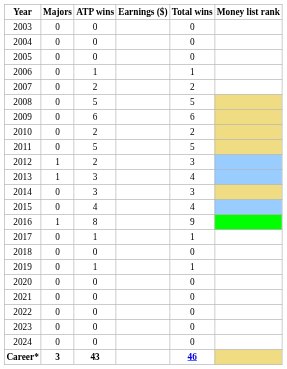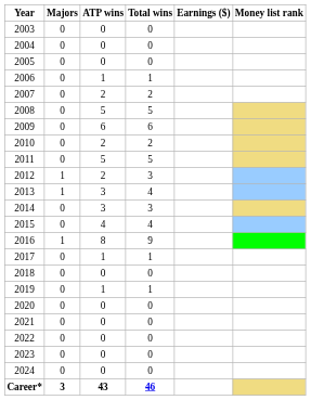 <table cellpadding=3 cellspacing=0 border=1 style=font-size:97%;border:#aaa;solid:1;border-collapse:collapse;text-align:center>
 <tr>
 <th>Year</th>
 <th>Majors</th>
 <th>ATP wins</th>
+<th>Total wins</th>
 <th>Earnings ($)</th>
-<th>Total wins</th>
 <th>Money list rank</th>
 </tr>
 <tr>
 <td>2003</td>
 <td>0</td>
 <td>0</td>
+<td>0</td>
 <td align=right></td>
-<td>0</td>
 <td></td>
 </tr>
 <tr>
 <td>2004</td>
 <td>0</td>
 <td>0</td>
+<td>0</td>
 <td align=right></td>
-<td>0</td>
 <td></td>
 </tr>
 <tr>
 <td>2005</td>
 <td>0</td>
 <td>0</td>
+<td>0</td>
 <td align=right></td>
-<td>0</td>
 <td></td>
 </tr>
 <tr>
 <td>2006</td>
 <td>0</td>
 <td>1</td>
+<td>1</td>
 <td align=right></td>
-<td>1</td>
 <td></td>
 </tr>
 <tr>
 <td>2007</td>
 <td>0</td>
 <td>2</td>
+<td>2</td>
 <td align=right></td>
-<td>2</td>
 <td></td>
 </tr>
 <tr>
 <td>2008</td>
 <td>0</td>
 <td>5</td>
+<td>5</td>
 <td align=right></td>
-<td>5</td>
 <td bgcolor=f0dc82></td>
 </tr>
 <tr>
 <td>2009</td>
 <td>0</td>
 <td>6</td>
+<td>6</td>
 <td align=right></td>
-<td>6</td>
 <td bgcolor=f0dc82></td>
 </tr>
 <tr>
 <td>2010</td>
 <td>0</td>
 <td>2</td>
+<td>2</td>
 <td align=right></td>
-<td>2</td>
 <td bgcolor=f0dc82></td>
 </tr>
 <tr>
 <td>2011</td>
 <td>0</td>
 <td>5</td>
+<td>5</td>
 <td align=right></td>
-<td>5</td>
 <td bgcolor=f0dc82></td>
 </tr>
 <tr>
 <td>2012</td>
 <td>1</td>
 <td>2</td>
+<td>3</td>
 <td align=right></td>
-<td>3</td>
 <td style="background:#9cf;"></td>
 </tr>
 <tr>
 <td>2013</td>
 <td>1</td>
 <td>3</td>
+<td>4</td>
 <td align=right></td>
-<td>4</td>
 <td style="background:#9cf;"></td>
 </tr>
 <tr>
 <td>2014</td>
 <td>0</td>
 <td>3</td>
+<td>3</td>
 <td align=right></td>
-<td>3</td>
 <td bgcolor=f0dc82></td>
 </tr>
 <tr>
 <td>2015</td>
 <td>0</td>
 <td>4</td>
+<td>4</td>
 <td align=right></td>
-<td>4</td>
 <td style="background:#9cf;"></td>
 </tr>
 <tr>
 <td>2016</td>
 <td>1</td>
 <td>8</td>
+<td>9</td>
 <td align=right></td>
-<td>9</td>
 <td bgcolor=lime></td>
 </tr>
 <tr>
 <td>2017</td>
 <td>0</td>
 <td>1</td>
+<td>1</td>
 <td align=right></td>
-<td>1</td>
 <td></td>
 </tr>
 <tr>
 <td>2018</td>
 <td>0</td>
 <td>0</td>
+<td>0</td>
 <td align=right></td>
-<td>0</td>
 <td></td>
 </tr>
 <tr>
 <td>2019</td>
 <td>0</td>
 <td>1</td>
+<td>1</td>
 <td align=right></td>
-<td>1</td>
 <td></td>
 </tr>
 <tr>
 <td>2020</td>
 <td>0</td>
 <td>0</td>
+<td>0</td>
 <td align=right></td>
-<td>0</td>
 <td></td>
 </tr>
 <tr>
 <td>2021</td>
 <td>0</td>
 <td>0</td>
+<td>0</td>
 <td align=right></td>
-<td>0</td>
 <td></td>
 </tr>
 <tr>
 <td>2022</td>
 <td>0</td>
 <td>0</td>
+<td>0</td>
 <td align=right></td>
-<td>0</td>
 <td></td>
 </tr>
 <tr>
 <td>2023</td>
 <td>0</td>
 <td>0</td>
+<td>0</td>
 <td align=right></td>
-<td>0</td>
 <td></td>
 </tr>
 <tr>
 <td>2024</td>
 <td>0</td>
 <td>0</td>
+<td>0</td>
 <td align=right></td>
-<td>0</td>
 <td></td>
 </tr>
 <tr>
 <th>Career*</th>
 <th>3</th>
 <th>43</th>
+<th><strong><a href='#'>46</a></strong></th>
 <th></th>
-<th><strong><a href='#'>46</a></strong></th>
 <th bgcolor=f0dc82></th>
 </tr>
 </table>
